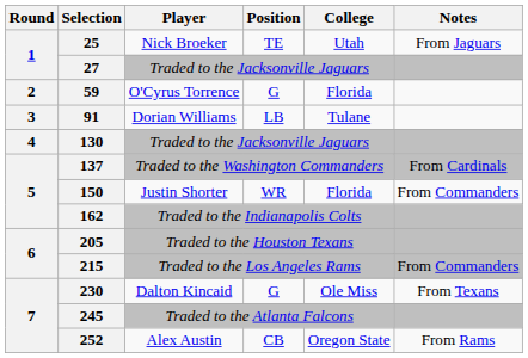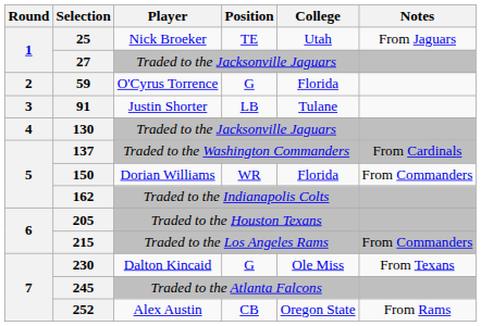 <table class="wikitable" style="text-align:center">
 <tr>
 <th>Round</th>
 <th>Selection</th>
 <th>Player</th>
 <th>Position</th>
 <th>College</th>
 <th>Notes</th>
 </tr>
 <tr>
 <th rowspan="2"><a href='#'>1</a></th>
 <th>25</th>
 <td><a href='#'>Nick Broeker</a></td>
 <td><a href='#'>TE</a></td>
 <td><a href='#'>Utah</a></td>
 <td>From <a href='#'>Jaguars</a></td>
 </tr>
 <tr>
 <th>27</th>
 <td colspan="3" style="background:#BFBFBF"><em>Traded to the <a href='#'>Jacksonville Jaguars</a></em></td>
 <td style="background:#BFBFBF"></td>
 </tr>
 <tr>
 <th>2</th>
 <th>59</th>
 <td><a href='#'>O'Cyrus Torrence</a></td>
 <td><a href='#'>G</a></td>
 <td><a href='#'>Florida</a></td>
 <td></td>
 </tr>
 <tr>
 <th>3</th>
 <th>91</th>
-<td><a href='#'>Dorian Williams</a></td>
+<td><a href='#'>Justin Shorter</a></td>
 <td><a href='#'>LB</a></td>
 <td><a href='#'>Tulane</a></td>
 <td></td>
 </tr>
 <tr>
 <th>4</th>
 <th>130</th>
 <td colspan="3" style="background:#BFBFBF"><em>Traded to the <a href='#'>Jacksonville Jaguars</a></em></td>
 <td style="background:#BFBFBF"></td>
 </tr>
 <tr>
 <th rowspan="3">5</th>
 <th>137</th>
 <td colspan="3" style="background:#BFBFBF"><em>Traded to the <a href='#'>Washington Commanders</a></em></td>
 <td style="background:#BFBFBF">From <a href='#'>Cardinals</a></td>
 </tr>
 <tr>
 <th>150</th>
-<td><a href='#'>Justin Shorter</a></td>
+<td><a href='#'>Dorian Williams</a></td>
 <td><a href='#'>WR</a></td>
 <td><a href='#'>Florida</a></td>
 <td>From <a href='#'>Commanders</a></td>
 </tr>
 <tr>
 <th>162</th>
 <td colspan="3" style="background:#BFBFBF"><em>Traded to the <a href='#'>Indianapolis Colts</a></em></td>
 <td style="background:#BFBFBF"></td>
 </tr>
 <tr>
 <th rowspan="2">6</th>
 <th>205</th>
 <td colspan="3" style="background:#BFBFBF"><em>Traded to the <a href='#'>Houston Texans</a></em></td>
 <td style="background:#BFBFBF"></td>
 </tr>
 <tr>
 <th>215</th>
 <td colspan="3" style="background:#BFBFBF"><em>Traded to the <a href='#'>Los Angeles Rams</a></em></td>
 <td style="background:#BFBFBF">From <a href='#'>Commanders</a></td>
 </tr>
 <tr>
 <th rowspan="3">7</th>
 <th>230</th>
 <td><a href='#'>Dalton Kincaid</a></td>
 <td><a href='#'>G</a></td>
 <td><a href='#'>Ole Miss</a></td>
 <td>From <a href='#'>Texans</a></td>
 </tr>
 <tr>
 <th>245</th>
 <td colspan="3" style="background:#BFBFBF"><em>Traded to the <a href='#'>Atlanta Falcons</a></em></td>
 <td style="background:#BFBFBF"></td>
 </tr>
 <tr>
 <th>252</th>
 <td><a href='#'>Alex Austin</a></td>
 <td><a href='#'>CB</a></td>
 <td><a href='#'>Oregon State</a></td>
 <td>From <a href='#'>Rams</a></td>
 </tr>
 </table>
